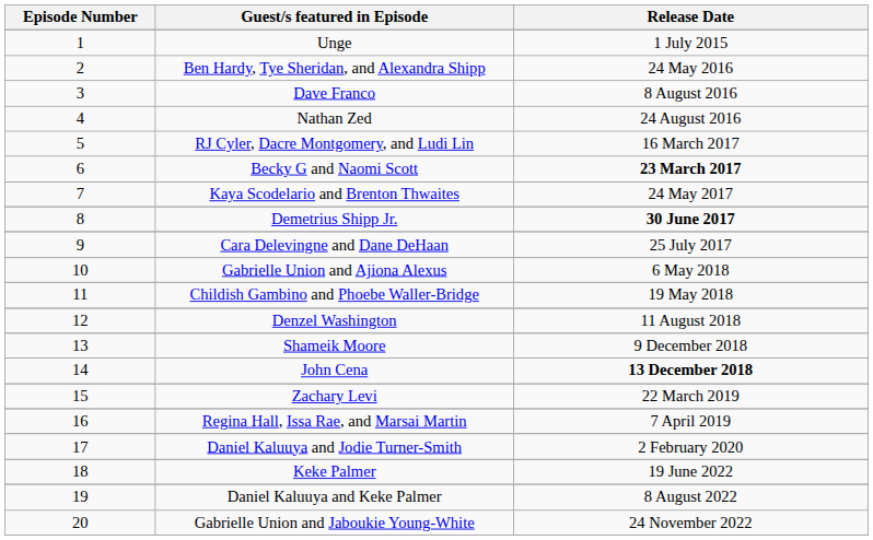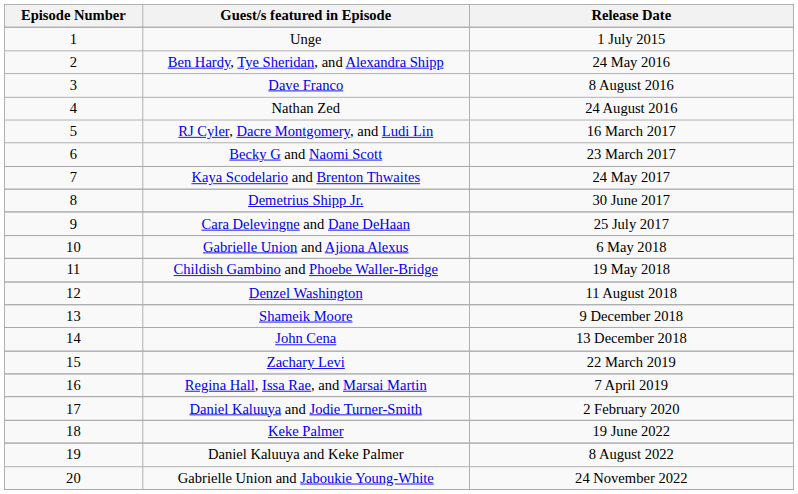 <table class="wikitable plainrowheaders" style="text-align:center;">
 <tr>
 <th scope="col" style="width:10em;">Episode Number</th>
 <th scope="col" style="width:25em;">Guest/s featured in Episode</th>
 <th scope="col" style="width:25em;">Release Date</th>
 </tr>
 <tr>
 </tr>
 <tr>
 <td>1</td>
 <td>Unge</td>
 <td>1 July 2015</td>
 </tr>
 <tr>
 <td>2</td>
 <td><a href='#'>Ben Hardy</a>, <a href='#'>Tye Sheridan</a>, and <a href='#'>Alexandra Shipp</a></td>
 <td>24 May 2016</td>
 </tr>
 <tr>
 <td>3</td>
 <td><a href='#'>Dave Franco</a></td>
 <td>8 August 2016</td>
 </tr>
 <tr>
 <td>4</td>
 <td>Nathan Zed</td>
 <td>24 August 2016</td>
 </tr>
 <tr>
 <td>5</td>
 <td><a href='#'>RJ Cyler</a>, <a href='#'>Dacre Montgomery</a>, and <a href='#'>Ludi Lin</a></td>
 <td>16 March 2017</td>
 </tr>
 <tr>
 <td>6</td>
 <td><a href='#'>Becky G</a> and <a href='#'>Naomi Scott</a></td>
-<td><strong>23 March 2017</strong></td>
+<td>23 March 2017</td>
 </tr>
 <tr>
 </tr>
 <tr>
 <td>7</td>
 <td><a href='#'>Kaya Scodelario</a> and <a href='#'>Brenton Thwaites</a></td>
 <td>24 May 2017</td>
 </tr>
 <tr>
 </tr>
 <tr>
 <td>8</td>
 <td><a href='#'>Demetrius Shipp Jr.</a></td>
-<td><strong>30 June 2017</strong></td>
+<td>30 June 2017</td>
 </tr>
 <tr>
 </tr>
 <tr>
 <td>9</td>
 <td><a href='#'>Cara Delevingne</a> and <a href='#'>Dane DeHaan</a></td>
 <td>25 July 2017</td>
 </tr>
 <tr>
 </tr>
 <tr>
 <td>10</td>
 <td><a href='#'>Gabrielle Union</a> and <a href='#'>Ajiona Alexus</a></td>
 <td>6 May 2018</td>
 </tr>
 <tr>
 </tr>
 <tr>
 <td>11</td>
 <td><a href='#'>Childish Gambino</a> and <a href='#'>Phoebe Waller-Bridge</a></td>
 <td>19 May 2018</td>
 </tr>
 <tr>
 </tr>
 <tr>
 <td>12</td>
 <td><a href='#'>Denzel Washington</a></td>
 <td>11 August 2018</td>
 </tr>
 <tr>
 </tr>
 <tr>
 <td>13</td>
 <td><a href='#'>Shameik Moore</a></td>
 <td>9 December 2018</td>
 </tr>
 <tr>
 </tr>
 <tr>
 <td>14</td>
 <td><a href='#'>John Cena</a></td>
-<td><strong>13 December 2018</strong></td>
+<td>13 December 2018</td>
 </tr>
 <tr>
 </tr>
 <tr>
 <td>15</td>
 <td><a href='#'>Zachary Levi</a></td>
 <td>22 March 2019</td>
 </tr>
 <tr>
 </tr>
 <tr>
 <td>16</td>
 <td><a href='#'>Regina Hall</a>, <a href='#'>Issa Rae</a>, and <a href='#'>Marsai Martin</a></td>
 <td>7 April 2019</td>
 </tr>
 <tr>
 </tr>
 <tr>
 <td>17</td>
 <td><a href='#'>Daniel Kaluuya</a> and <a href='#'>Jodie Turner-Smith</a></td>
 <td>2 February 2020</td>
 </tr>
 <tr>
 </tr>
 <tr>
 <td>18</td>
 <td><a href='#'>Keke Palmer</a></td>
 <td>19 June 2022</td>
 </tr>
 <tr>
 </tr>
 <tr>
 <td>19</td>
 <td>Daniel Kaluuya and Keke Palmer</td>
 <td>8 August 2022</td>
 </tr>
 <tr>
 <td>20</td>
 <td>Gabrielle Union and <a href='#'>Jaboukie Young-White</a></td>
 <td>24 November 2022</td>
 </tr>
 <tr>
 </tr>
 </table>
